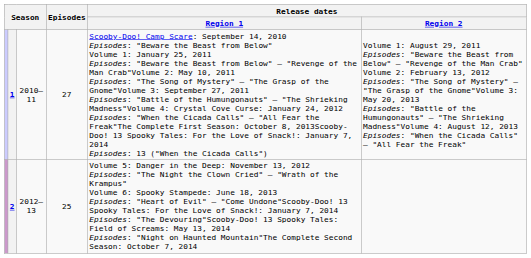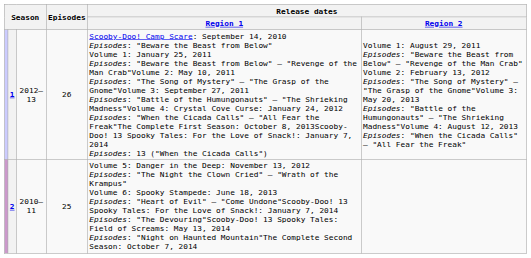 <table class="wikitable">
 <tr>
 <th colspan=3 rowspan=2>Season</th>
 <th rowspan=2>Episodes</th>
 <th colspan=2>Release dates</th>
 </tr>
 <tr>
 <th><a href='#'>Region 1</a></th>
 <th><a href='#'>Region 2</a></th>
 </tr>
 <tr>
 <th style="background:#ccf"></th>
 <th><a href='#'>1</a></th>
-<td style="text-align: center">2010–11</td>
-<td style="text-align: center">27</td>
+<td style="text-align: center">2012–13</td>
+<td style="text-align: center">26</td>
 <td><a href='#'>Scooby-Doo! Camp Scare</a>: September 14, 2010<br><em>Episodes</em>: "Beware the Beast from Below"<br>Volume 1: January 25, 2011<br><em>Episodes</em>: "Beware the Beast from Below" – "Revenge of the Man Crab"Volume 2: May 10, 2011<br><em>Episodes</em>: "The Song of Mystery" – "The Grasp of the Gnome"Volume 3: September 27, 2011<br><em>Episodes</em>: "Battle of the Humungonauts" – "The Shrieking Madness"Volume 4: Crystal Cove Curse: January 24, 2012<br><em>Episodes</em>: "When the Cicada Calls" – "All Fear the Freak"The Complete First Season: October 8, 2013Scooby-Doo! 13 Spooky Tales: For the Love of Snack!: January 7, 2014<br><em>Episodes</em>: 13 ("When the Cicada Calls")</td>
 <td>Volume 1: August 29, 2011<br><em>Episodes</em>: "Beware the Beast from Below" – "Revenge of the Man Crab"<br>Volume 2: February 13, 2012<br><em>Episodes</em>: "The Song of Mystery" – "The Grasp of the Gnome"Volume 3: May 20, 2013<br><em>Episodes</em>: "Battle of the Humungonauts" – "The Shrieking Madness"Volume 4: August 12, 2013<br><em>Episodes</em>: "When the Cicada Calls" – "All Fear the Freak"</td>
 </tr>
 <tr>
 <th style="background:#c9c"></th>
 <th><a href='#'>2</a></th>
-<td style="text-align: center">2012–13</td>
+<td style="text-align: center">2010–11</td>
 <td style="text-align: center">25</td>
 <td>Volume 5: Danger in the Deep: November 13, 2012<br><em>Episodes</em>: "The Night the Clown Cried" – "Wrath of the Krampus"<br>Volume 6: Spooky Stampede: June 18, 2013<br><em>Episodes</em>: "Heart of Evil" – "Come Undone"Scooby-Doo! 13 Spooky Tales: For the Love of Snack!: January 7, 2014<br><em>Episodes</em>: "The Devouring"Scooby-Doo! 13 Spooky Tales: Field of Screams: May 13, 2014<br><em>Episodes</em>: "Night on Haunted Mountain"The Complete Second Season: October 7, 2014</td>
 <td></td>
 </tr>
 </table>
